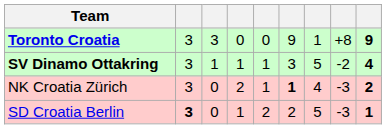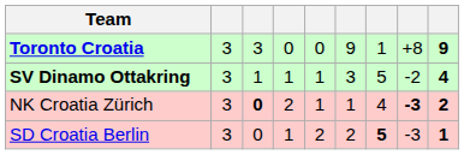 <table class="wikitable" style="text-align:center;">
 <tr>
 <th width=175>Team</th>
 <th width=20 abbr="Played"></th>
 <th width=20 abbr="Won"></th>
 <th width=20 abbr="Drawn"></th>
 <th width=20 abbr="Lost"></th>
 <th width=20 abbr="Goals for"></th>
 <th width=20 abbr="Goals against"></th>
 <th width=20 abbr="Goal difference"></th>
 <th width=20 abbr="Points"></th>
 </tr>
 <tr bgcolor=#ccffcc>
 <td align="left"><strong><a href='#'>Toronto Croatia</a></strong></td>
 <td>3</td>
 <td>3</td>
 <td>0</td>
 <td>0</td>
 <td>9</td>
 <td>1</td>
 <td>+8</td>
 <td><strong>9</strong></td>
 </tr>
 <tr bgcolor=#ccffcc>
 <td align="left"><strong>SV Dinamo Ottakring</strong></td>
 <td>3</td>
 <td>1</td>
 <td>1</td>
 <td>1</td>
 <td>3</td>
 <td>5</td>
 <td>-2</td>
 <td><strong>4</strong></td>
 </tr>
 <tr bgcolor=#ffcccc>
 <td align="left">NK Croatia Zürich</td>
 <td>3</td>
-<td>0</td>
+<td><strong>0</strong></td>
 <td>2</td>
 <td>1</td>
-<td><strong>1</strong></td>
+<td>1</td>
 <td>4</td>
-<td>-3</td>
+<td><strong>-3</strong></td>
 <td><strong>2</strong></td>
 </tr>
 <tr bgcolor=#ffcccc>
 <td align="left"><a href='#'>SD Croatia Berlin</a></td>
-<td><strong>3</strong></td>
+<td>3</td>
 <td>0</td>
 <td>1</td>
 <td>2</td>
 <td>2</td>
-<td>5</td>
+<td><strong>5</strong></td>
 <td>-3</td>
 <td><strong>1</strong></td>
 </tr>
 </table>
